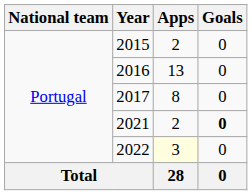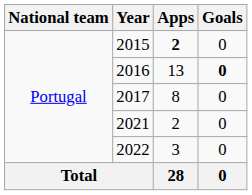 <table class="wikitable" style="text-align:center">
 <tr>
 <th>National team</th>
 <th>Year</th>
 <th>Apps</th>
 <th>Goals</th>
 </tr>
 <tr>
 <td rowspan=5><a href='#'>Portugal</a></td>
 <td>2015</td>
-<td>2</td>
+<td><strong>2</strong></td>
 <td>0</td>
 </tr>
 <tr>
 <td>2016</td>
 <td>13</td>
-<td>0</td>
+<td><strong>0</strong></td>
 </tr>
 <tr>
 <td>2017</td>
 <td>8</td>
 <td>0</td>
 </tr>
 <tr>
 <td>2021</td>
 <td>2</td>
-<td><strong>0</strong></td>
+<td>0</td>
 </tr>
 <tr>
 <td>2022</td>
-<td style="background: lightyellow;">3</td>
+<td>3</td>
 <td>0</td>
 </tr>
 <tr>
 <th colspan=2>Total</th>
 <th>28</th>
 <th>0</th>
 </tr>
 </table>
